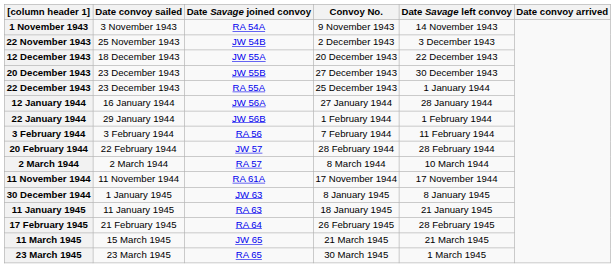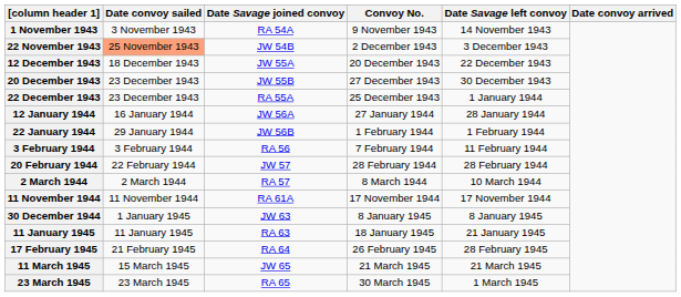 <table class="wikitable" style="text-align: center">
 <tr>
 <th>[column header 1]</th>
 <th scope="col">Date convoy sailed</th>
 <th scope="col">Date <em>Savage</em> joined convoy</th>
 <th scope="col">Convoy No.</th>
 <th scope="col">Date <em>Savage</em> left convoy</th>
 <th scope="col">Date convoy arrived</th>
 </tr>
 <tr>
 <th scope="row">1 November 1943</th>
 <td>3 November 1943</td>
 <td><a href='#'>RA 54A</a></td>
 <td>9 November 1943</td>
 <td>14 November 1943</td>
 </tr>
 <tr>
 <th scope="row">22 November 1943</th>
-<td>25 November 1943</td>
+<td style="background: lightsalmon;">25 November 1943</td>
 <td><a href='#'>JW 54B</a></td>
 <td>2 December 1943</td>
 <td>3 December 1943</td>
 </tr>
 <tr>
 <th scope="row">12 December 1943</th>
 <td>18 December 1943</td>
 <td><a href='#'>JW 55A</a></td>
 <td>20 December 1943</td>
 <td>22 December 1943</td>
 </tr>
 <tr>
 <th scope="row">20 December 1943</th>
 <td>23 December 1943</td>
 <td><a href='#'>JW 55B</a></td>
 <td>27 December 1943</td>
 <td>30 December 1943</td>
 </tr>
 <tr>
 <th scope="row">22 December 1943</th>
 <td>23 December 1943</td>
 <td><a href='#'>RA 55A</a></td>
 <td>25 December 1943</td>
 <td>1 January 1944</td>
 </tr>
 <tr>
 <th scope="row">12 January 1944</th>
 <td>16 January 1944</td>
 <td><a href='#'>JW 56A</a></td>
 <td>27 January 1944</td>
 <td>28 January 1944</td>
 </tr>
 <tr>
 <th scope="row">22 January 1944</th>
 <td>29 January 1944</td>
 <td><a href='#'>JW 56B</a></td>
 <td>1 February 1944</td>
 <td>1 February 1944</td>
 </tr>
 <tr>
 <th scope="row">3 February 1944</th>
 <td>3 February 1944</td>
 <td><a href='#'>RA 56</a></td>
 <td>7 February 1944</td>
 <td>11 February 1944</td>
 </tr>
 <tr>
 <th scope="row">20 February 1944</th>
 <td>22 February 1944</td>
 <td><a href='#'>JW 57</a></td>
 <td>28 February 1944</td>
 <td>28 February 1944</td>
 </tr>
 <tr>
 <th scope="row">2 March 1944</th>
 <td>2 March 1944</td>
 <td><a href='#'>RA 57</a></td>
 <td>8 March 1944</td>
 <td>10 March 1944</td>
 </tr>
 <tr>
 <th scope="row">11 November 1944</th>
 <td>11 November 1944</td>
 <td><a href='#'>RA 61A</a></td>
 <td>17 November 1944</td>
 <td>17 November 1944</td>
 </tr>
 <tr>
 <th scope="row">30 December 1944</th>
 <td>1 January 1945</td>
 <td><a href='#'>JW 63</a></td>
 <td>8 January 1945</td>
 <td>8 January 1945</td>
 </tr>
 <tr>
 <th scope="row">11 January 1945</th>
 <td>11 January 1945</td>
 <td><a href='#'>RA 63</a></td>
 <td>18 January 1945</td>
 <td>21 January 1945</td>
 </tr>
 <tr>
 <th scope="row">17 February 1945</th>
 <td>21 February 1945</td>
 <td><a href='#'>RA 64</a></td>
 <td>26 February 1945</td>
 <td>28 February 1945</td>
 </tr>
 <tr>
 <th scope="row">11 March 1945</th>
 <td>15 March 1945</td>
 <td><a href='#'>JW 65</a></td>
 <td>21 March 1945</td>
 <td>21 March 1945</td>
 </tr>
 <tr>
 <th scope="row">23 March 1945</th>
 <td>23 March 1945</td>
 <td><a href='#'>RA 65</a></td>
 <td>30 March 1945</td>
 <td>1 March 1945</td>
 </tr>
 </table>
